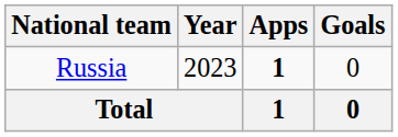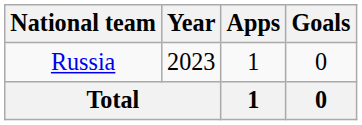 <table class=wikitable style=text-align:center>
 <tr>
 <th>National team</th>
 <th>Year</th>
 <th>Apps</th>
 <th>Goals</th>
 </tr>
 <tr>
 <td rowspan="1"><a href='#'>Russia</a></td>
 <td>2023</td>
-<td><strong>1</strong></td>
+<td>1</td>
 <td>0</td>
 </tr>
 <tr>
 <th colspan="2">Total</th>
 <th>1</th>
 <th>0</th>
 </tr>
 </table>
